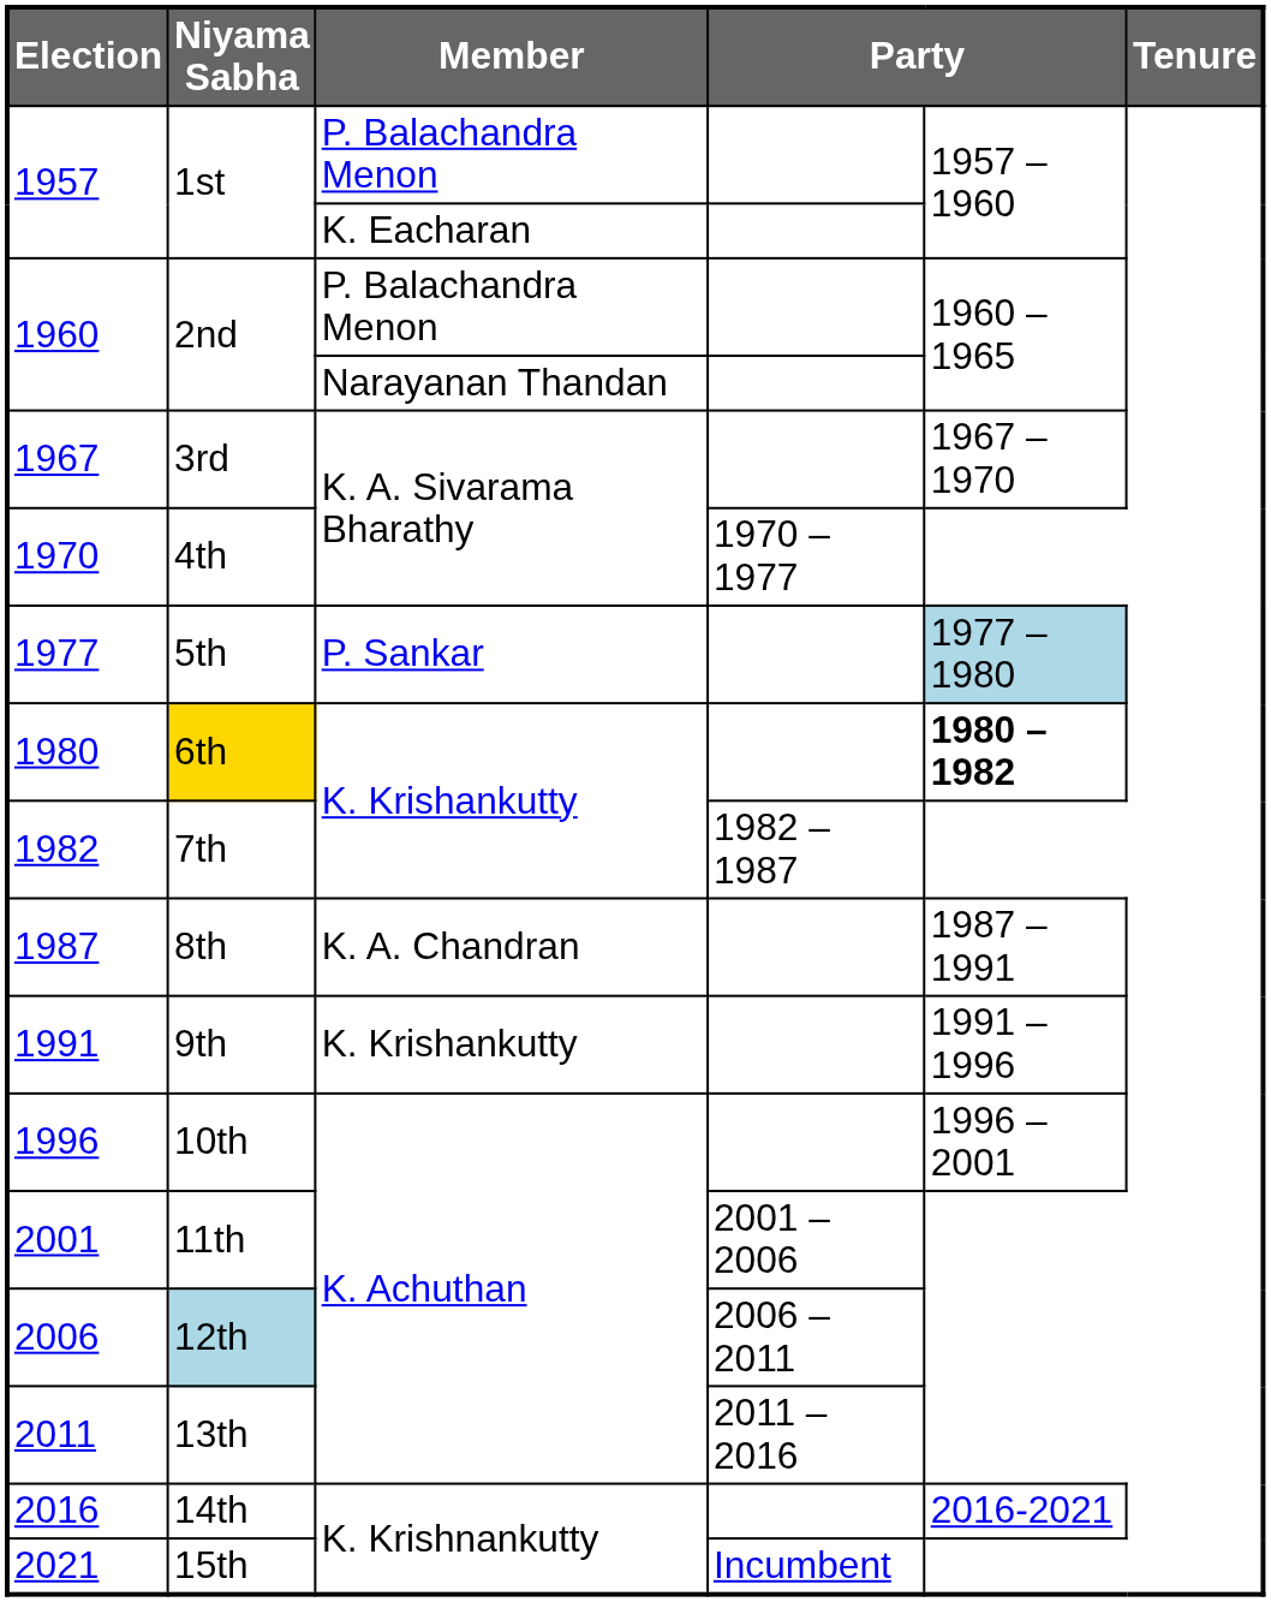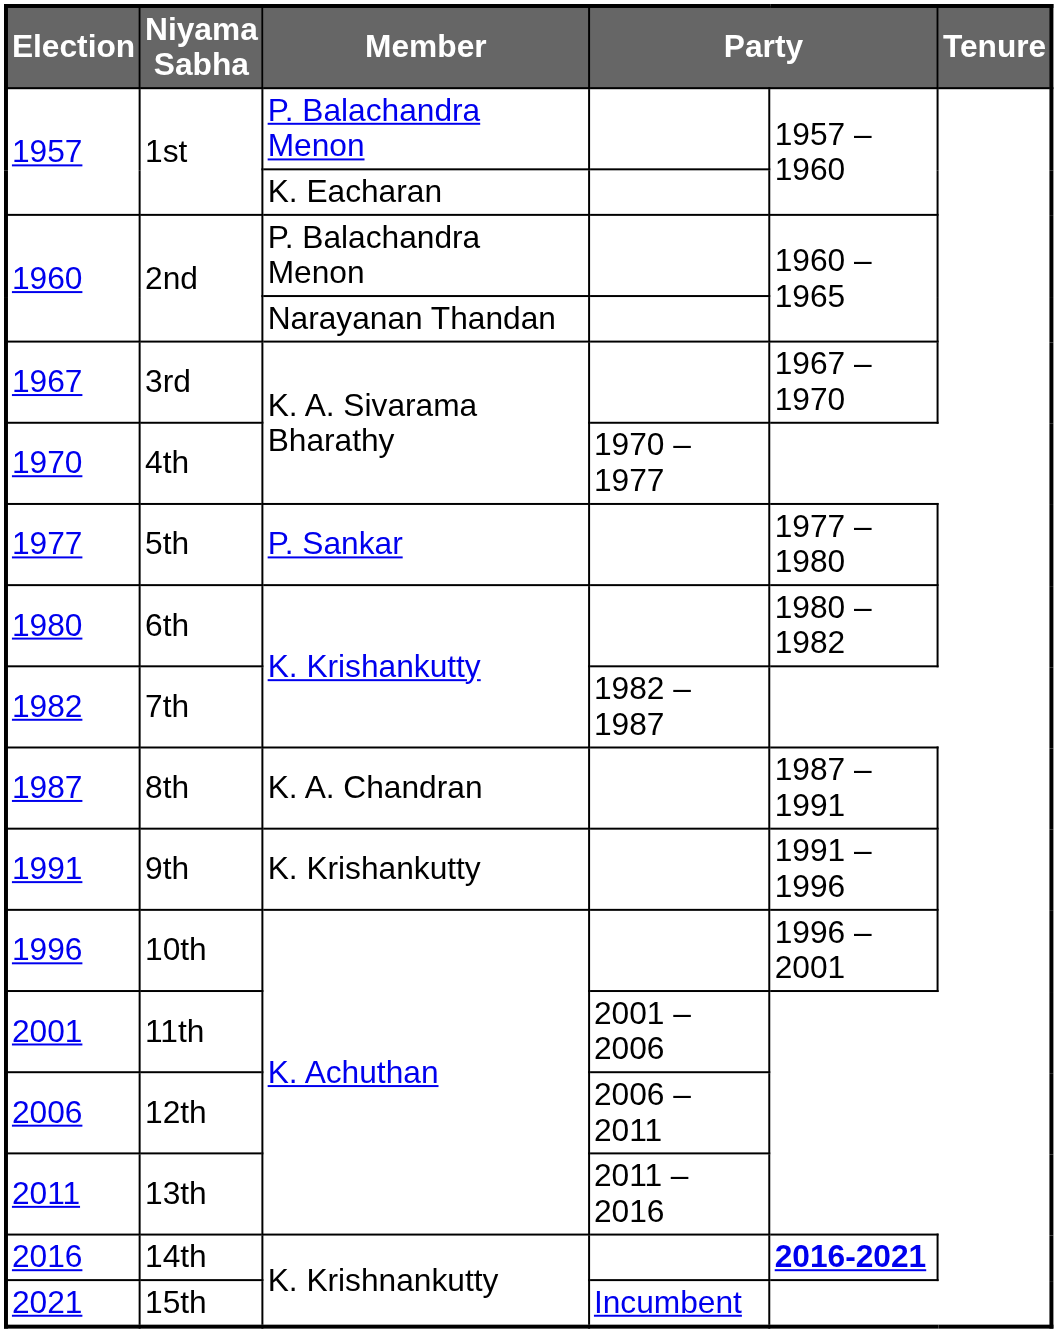 <table class="sortable" width="60%" cellpadding="2" cellspacing="0" border="1" style="border-collapse: collapse; border: 2px #000000 solid; font-size: x-big">
 <tr>
 <th style="background-color:#666666; color:white">Election</th>
 <th style="background-color:#666666; color:white">Niyama<br>Sabha</th>
 <th style="background-color:#666666; color:white">Member</th>
 <th colspan="2" style="background-color:#666666; color:white">Party</th>
 <th style="background-color:#666666; color:white">Tenure</th>
 </tr>
 <tr>
 <td rowspan="2"><a href='#'>1957</a></td>
 <td rowspan="2">1st</td>
 <td><a href='#'>P. Balachandra Menon</a></td>
 <td></td>
 <td rowspan="2">1957 – 1960</td>
 </tr>
 <tr>
 <td>K. Eacharan</td>
 <td></td>
 </tr>
 <tr>
 <td rowspan="2"><a href='#'>1960</a></td>
 <td rowspan="2">2nd</td>
 <td>P. Balachandra Menon</td>
 <td></td>
 <td rowspan="2">1960 – 1965</td>
 </tr>
 <tr>
 <td>Narayanan Thandan</td>
 </tr>
 <tr>
 <td><a href='#'>1967</a></td>
 <td>3rd</td>
 <td rowspan="2">K. A. Sivarama Bharathy</td>
 <td></td>
 <td>1967 – 1970</td>
 </tr>
 <tr>
 <td><a href='#'>1970</a></td>
 <td>4th</td>
 <td>1970 – 1977</td>
 </tr>
 <tr>
 <td><a href='#'>1977</a></td>
 <td>5th</td>
 <td><a href='#'>P. Sankar</a></td>
 <td></td>
-<td style="background: lightblue;">1977 – 1980</td>
+<td>1977 – 1980</td>
 </tr>
 <tr>
 <td><a href='#'>1980</a></td>
-<td style="background: gold;">6th</td>
+<td>6th</td>
 <td rowspan="2"><a href='#'>K. Krishankutty</a></td>
 <td></td>
-<td><strong>1980 – 1982</strong></td>
+<td>1980 – 1982</td>
 </tr>
 <tr>
 <td><a href='#'>1982</a></td>
 <td>7th</td>
 <td>1982 – 1987</td>
 </tr>
 <tr>
 <td><a href='#'>1987</a></td>
 <td>8th</td>
 <td>K. A. Chandran</td>
 <td></td>
 <td>1987 – 1991</td>
 </tr>
 <tr>
 <td><a href='#'>1991</a></td>
 <td>9th</td>
 <td>K. Krishankutty</td>
 <td></td>
 <td>1991 – 1996</td>
 </tr>
 <tr>
 <td><a href='#'>1996</a></td>
 <td>10th</td>
 <td rowspan="4"><a href='#'>K. Achuthan</a></td>
 <td></td>
 <td>1996 – 2001</td>
 </tr>
 <tr>
 <td><a href='#'>2001</a></td>
 <td>11th</td>
 <td>2001 – 2006</td>
 </tr>
 <tr>
 <td><a href='#'>2006</a></td>
-<td style="background: lightblue;">12th</td>
+<td>12th</td>
 <td>2006 – 2011</td>
 </tr>
 <tr>
 <td><a href='#'>2011</a></td>
 <td>13th</td>
 <td>2011 – 2016</td>
 </tr>
 <tr>
 <td><a href='#'>2016</a></td>
 <td>14th</td>
 <td rowspan="2">K. Krishnankutty</td>
 <td></td>
-<td><a href='#'>2016-2021</a></td>
+<td><strong><a href='#'>2016-2021</a></strong></td>
 </tr>
 <tr>
 <td><a href='#'>2021</a></td>
 <td>15th</td>
 <td><a href='#'>Incumbent</a></td>
 </tr>
 </table>
